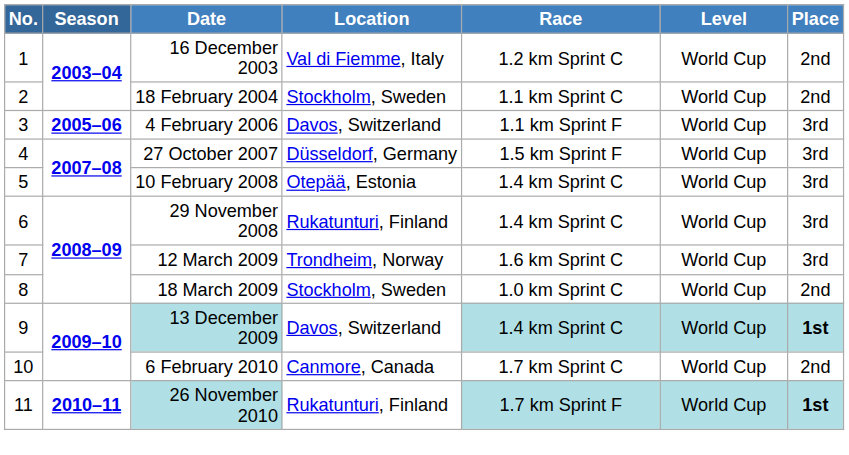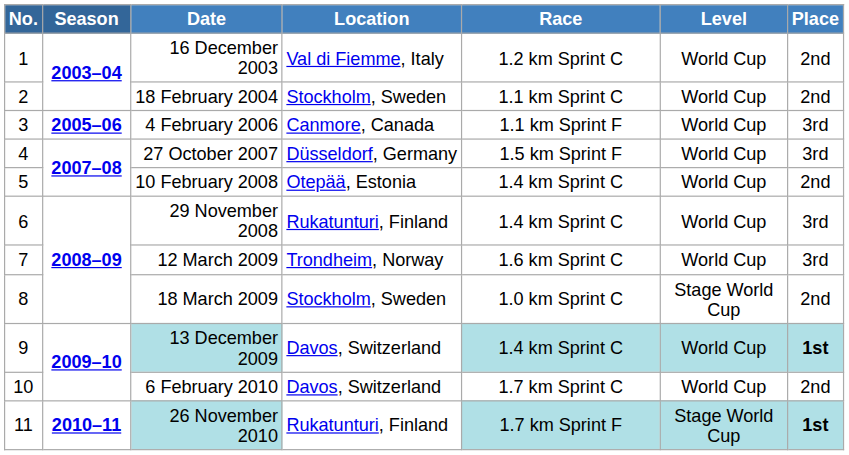 <table class="wikitable sortable" style="font-size:95%; text-align:center; border:grey solid 1px; border-collapse:collapse; background:#ffffff;">
 <tr style="background:#efefef;">
 <th style="background-color:#369; color:white;">No.</th>
 <th style="background-color:#369; color:white;">Season</th>
 <th style="background-color:#4180be; color:white; width:120px;">Date</th>
 <th style="background-color:#4180be; color:white; width:185x;">Location</th>
 <th style="background-color:#4180be; color:white; width:160px;">Race</th>
 <th style="background-color:#4180be; color:white; width:100px;">Level</th>
 <th style="background-color:#4180be; color:white;">Place</th>
 </tr>
 <tr>
 <td align=center>1</td>
 <td rowspan=2 align=center><strong> <a href='#'>2003–04</a> </strong></td>
 <td align=right>16 December 2003</td>
 <td align=left> <a href='#'>Val di Fiemme</a>, Italy</td>
 <td>1.2 km Sprint C</td>
 <td>World Cup</td>
 <td>2nd</td>
 </tr>
 <tr>
 <td align=center>2</td>
 <td align=right>18 February 2004</td>
 <td align=left> <a href='#'>Stockholm</a>, Sweden</td>
 <td>1.1 km Sprint C</td>
 <td>World Cup</td>
 <td>2nd</td>
 </tr>
 <tr>
 <td align=center>3</td>
 <td rowspan=1 align=center><strong> <a href='#'>2005–06</a> </strong></td>
 <td align=right>4 February 2006</td>
-<td align=left> <a href='#'>Davos</a>, Switzerland</td>
+<td align=left> <a href='#'>Canmore</a>, Canada</td>
 <td>1.1 km Sprint F</td>
 <td>World Cup</td>
 <td>3rd</td>
 </tr>
 <tr>
 <td align=center>4</td>
 <td rowspan=2 align=center><strong> <a href='#'>2007–08</a> </strong></td>
 <td align=right>27 October 2007</td>
 <td align=left> <a href='#'>Düsseldorf</a>, Germany</td>
 <td>1.5 km Sprint F</td>
 <td>World Cup</td>
 <td>3rd</td>
 </tr>
 <tr>
 <td align=center>5</td>
 <td align=right>10 February 2008</td>
 <td align=left> <a href='#'>Otepää</a>, Estonia</td>
 <td>1.4 km Sprint C</td>
 <td>World Cup</td>
-<td>3rd</td>
+<td>2nd</td>
 </tr>
 <tr>
 <td align=center>6</td>
 <td rowspan=3 align=center><strong> <a href='#'>2008–09</a> </strong></td>
 <td align=right>29 November 2008</td>
 <td align=left> <a href='#'>Rukatunturi</a>, Finland</td>
 <td>1.4 km Sprint C</td>
 <td>World Cup</td>
 <td>3rd</td>
 </tr>
 <tr>
 <td align=center>7</td>
 <td align=right>12 March 2009</td>
 <td align=left> <a href='#'>Trondheim</a>, Norway</td>
 <td>1.6 km Sprint C</td>
 <td>World Cup</td>
 <td>3rd</td>
 </tr>
 <tr>
 <td align=center>8</td>
 <td align=right>18 March 2009</td>
 <td align=left> <a href='#'>Stockholm</a>, Sweden</td>
 <td>1.0 km Sprint C</td>
-<td>World Cup</td>
+<td>Stage World Cup</td>
 <td>2nd</td>
 </tr>
 <tr>
 <td align=center>9</td>
 <td rowspan=2 align=center><strong><a href='#'>2009–10</a></strong></td>
 <td bgcolor="#BOEOE6" align=right>13 December 2009</td>
 <td align=left> <a href='#'>Davos</a>, Switzerland</td>
 <td bgcolor="#BOEOE6">1.4 km Sprint C</td>
 <td bgcolor="#BOEOE6">World Cup</td>
 <td bgcolor="#BOEOE6"><strong>1st</strong></td>
 </tr>
 <tr>
 <td align=center>10</td>
 <td align=right>6 February 2010</td>
-<td align=left> <a href='#'>Canmore</a>, Canada</td>
+<td align=left> <a href='#'>Davos</a>, Switzerland</td>
 <td>1.7 km Sprint C</td>
 <td>World Cup</td>
 <td>2nd</td>
 </tr>
 <tr>
 <td align=center>11</td>
 <td rowspan=1 align=center><strong><a href='#'>2010–11</a></strong></td>
 <td bgcolor="#BOEOE6" align=right>26 November 2010</td>
 <td align=left> <a href='#'>Rukatunturi</a>, Finland</td>
 <td bgcolor="#BOEOE6">1.7 km Sprint F</td>
-<td bgcolor="#BOEOE6">World Cup</td>
+<td bgcolor="#BOEOE6">Stage World Cup</td>
 <td bgcolor="#BOEOE6"><strong>1st</strong></td>
 </tr>
 </table>
